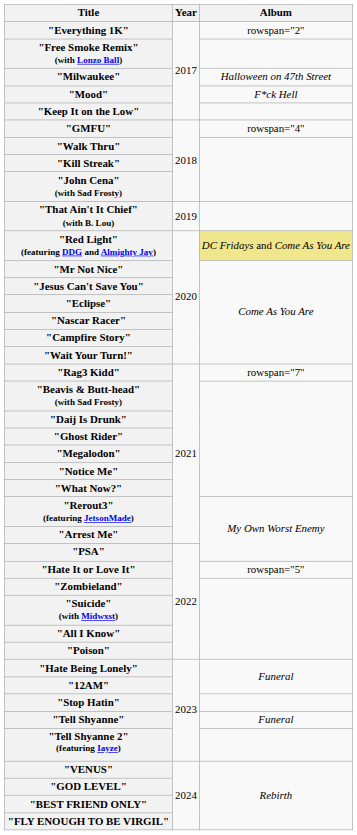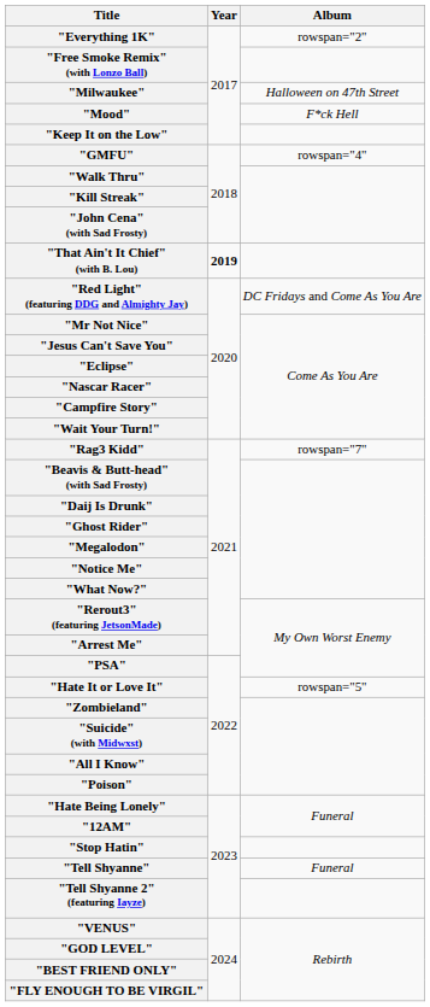 <table class="wikitable plainrowheaders" style="text-align:center;">
 <tr>
 <th scope="col" style="width:15em;">Title</th>
 <th scope="col">Year</th>
 <th scope="col">Album</th>
 </tr>
 <tr>
 <th scope="row">"Everything 1K"</th>
 <td rowspan="5">2017</td>
 <td>rowspan="2" </td>
 </tr>
 <tr>
 <th scope="row">"Free Smoke Remix"<br><small>(with <a href='#'>Lonzo Ball</a>)</small></th>
 </tr>
 <tr>
 <th scope="row">"Milwaukee"</th>
 <td><em>Halloween on 47th Street</em></td>
 </tr>
 <tr>
 <th scope="row">"Mood"</th>
 <td><em>F*ck Hell</em></td>
 </tr>
 <tr>
 <th scope="row">"Keep It on the Low"</th>
 <td></td>
 </tr>
 <tr>
 <th scope="row">"GMFU"</th>
 <td rowspan="4">2018</td>
 <td>rowspan="4" </td>
 </tr>
 <tr>
 <th scope="row">"Walk Thru"</th>
 </tr>
 <tr>
 <th scope="row">"Kill Streak"</th>
 </tr>
 <tr>
 <th scope="row">"John Cena"<br><small>(with Sad Frosty)</small></th>
 </tr>
 <tr>
 <th scope="row">"That Ain't It Chief"<br><small>(with B. Lou)</small></th>
-<td>2019</td>
+<td><strong>2019</strong></td>
 <td></td>
 </tr>
 <tr>
 <th scope="row">"Red Light"<br><small>(featuring <a href='#'>DDG</a> and <a href='#'>Almighty Jay</a>)</small></th>
 <td rowspan="7">2020</td>
-<td style="background: khaki;"><em>DC Fridays</em> and <em>Come As You Are</em></td>
+<td><em>DC Fridays</em> and <em>Come As You Are</em></td>
 </tr>
 <tr>
 <th scope="row">"Mr Not Nice"</th>
 <td rowspan="6"><em>Come As You Are</em></td>
 </tr>
 <tr>
 <th scope="row">"Jesus Can't Save You"</th>
 </tr>
 <tr>
 <th scope="row">"Eclipse"</th>
 </tr>
 <tr>
 <th scope="row">"Nascar Racer"</th>
 </tr>
 <tr>
 <th scope="row">"Campfire Story"</th>
 </tr>
 <tr>
 <th scope="row">"Wait Your Turn!"</th>
 </tr>
 <tr>
 <th scope="row">"Rag3 Kidd"</th>
 <td rowspan="9">2021</td>
 <td>rowspan="7" </td>
 </tr>
 <tr>
 <th ! scope="row">"Beavis & Butt-head"<br><small>(with Sad Frosty)</small></th>
 </tr>
 <tr>
 <th scope="row">"Daij Is Drunk"</th>
 </tr>
 <tr>
 <th scope="row">"Ghost Rider"</th>
 </tr>
 <tr>
 <th scope="row">"Megalodon"</th>
 </tr>
 <tr>
 <th scope="row">"Notice Me"</th>
 </tr>
 <tr>
 <th scope="row">"What Now?"</th>
 </tr>
 <tr>
 <th scope="row">"Rerout3"<br><small>(featuring <a href='#'>JetsonMade</a>)</small></th>
 <td rowspan="3"><em>My Own Worst Enemy</em></td>
 </tr>
 <tr>
 <th scope="row">"Arrest Me"</th>
 </tr>
 <tr>
 <th scope="row">"PSA"</th>
 <td rowspan="6">2022</td>
 </tr>
 <tr>
 <th scope="row">"Hate It or Love It"</th>
 <td>rowspan="5" </td>
 </tr>
 <tr>
 <th scope="row">"Zombieland"</th>
 </tr>
 <tr>
 <th scope="row">"Suicide"<br><small>(with <a href='#'>Midwxst</a>)</small></th>
 </tr>
 <tr>
 <th scope="row">"All I Know"</th>
 </tr>
 <tr>
 <th scope="row">"Poison"</th>
 </tr>
 <tr>
 <th scope="row">"Hate Being Lonely"</th>
 <td rowspan="5">2023</td>
 <td rowspan="2"><em>Funeral</em></td>
 </tr>
 <tr>
 <th scope="row">"12AM"</th>
 </tr>
 <tr>
 <th scope="row">"Stop Hatin"</th>
 <td></td>
 </tr>
 <tr>
 <th scope="row">"Tell Shyanne"</th>
 <td><em>Funeral</em></td>
 </tr>
 <tr>
 <th scope="row">"Tell Shyanne 2"<br><sup>(featuring <a href='#'>Iayze</a>)</sup></th>
 <td></td>
 </tr>
 <tr>
 <th scope="row">"VENUS"</th>
 <td rowspan="4">2024</td>
 <td rowspan="4"><em>Rebirth</em></td>
 </tr>
 <tr rowspan="4" |>
 <th scope="row">"GOD LEVEL"</th>
 </tr>
 <tr>
 <th scope="row">"BEST FRIEND ONLY"</th>
 </tr>
 <tr>
 <th scope="row">"FLY ENOUGH TO BE VIRGIL"</th>
 </tr>
 </table>
